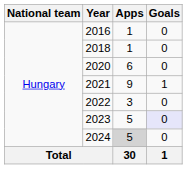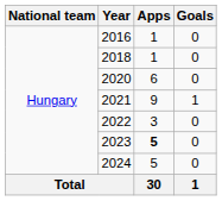 <table class="wikitable" style="text-align:center">
 <tr>
 <th>National team</th>
 <th>Year</th>
 <th>Apps</th>
 <th>Goals</th>
 </tr>
 <tr>
 <td rowspan="7"><a href='#'>Hungary</a></td>
 <td>2016</td>
 <td>1</td>
 <td>0</td>
 </tr>
 <tr>
 <td>2018</td>
 <td>1</td>
 <td>0</td>
 </tr>
 <tr>
 <td>2020</td>
 <td>6</td>
 <td>0</td>
 </tr>
 <tr>
 <td>2021</td>
 <td>9</td>
 <td>1</td>
 </tr>
 <tr>
 <td>2022</td>
 <td>3</td>
 <td>0</td>
 </tr>
 <tr>
 <td>2023</td>
-<td>5</td>
-<td style="background: lavender;">0</td>
+<td><strong>5</strong></td>
+<td>0</td>
 </tr>
 <tr>
 <td>2024</td>
-<td style="background: lightgrey;">5</td>
+<td>5</td>
 <td>0</td>
 </tr>
 <tr>
 <th colspan="2">Total</th>
 <th>30</th>
 <th>1</th>
 </tr>
 </table>
